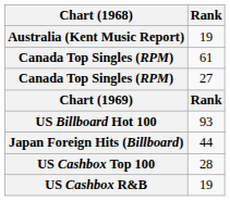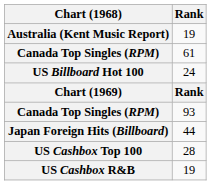 <table class="wikitable sortable plainrowheaders">
 <tr>
 <th>Chart (1968)</th>
 <th>Rank</th>
 </tr>
 <tr>
 <th scope="row">Australia (Kent Music Report)</th>
 <td align="center">19</td>
 </tr>
 <tr>
 <th scope="row">Canada Top Singles (<em>RPM</em>)</th>
 <td style="text-align:center;">61</td>
 </tr>
 <tr>
-<th scope="row">Canada Top Singles (<em>RPM</em>)</th>
-<td style="text-align:center;">27</td>
+<th scope="row">US <em>Billboard</em> Hot 100</th>
+<td style="text-align:center;">24</td>
 </tr>
 <tr>
 <th>Chart (1969)</th>
 <th>Rank</th>
 </tr>
 <tr>
-<th scope="row">US <em>Billboard</em> Hot 100</th>
+<th scope="row">Canada Top Singles (<em>RPM</em>)</th>
 <td style="text-align:center;">93</td>
 </tr>
 <tr>
 <th scope="row">Japan Foreign Hits (<em>Billboard</em>)</th>
 <td style="text-align:center;">44</td>
 </tr>
 <tr>
 <th scope="row">US <em>Cashbox</em> Top 100</th>
 <td style="text-align:center;">28</td>
 </tr>
 <tr>
 <th scope="row">US <em>Cashbox</em> R&B</th>
 <td style="text-align:center;">19</td>
 </tr>
 </table>
